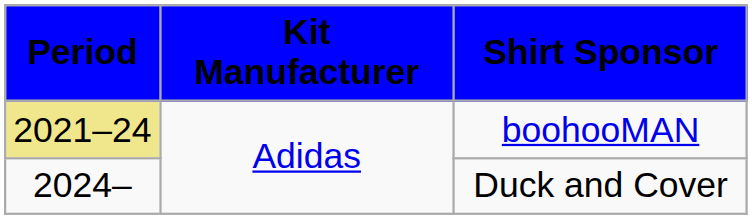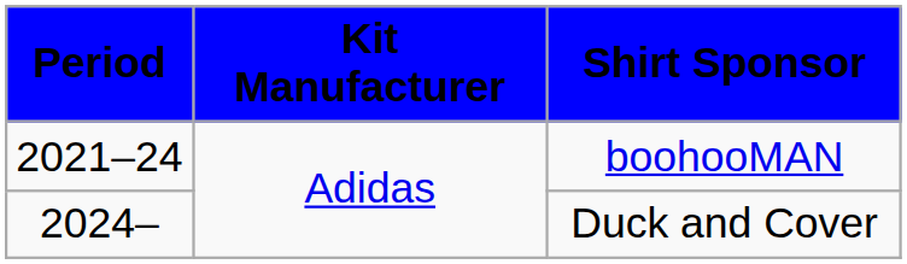 <table class="wikitable" style="text-align: center">
 <tr>
 <th style="background:#0000ff; width:px;"><span>Period</span></th>
 <th style="background:#0000ff; width:125px;"><span>Kit Manufacturer</span></th>
 <th style="background:#0000ff; width:125px;"><span>Shirt Sponsor</span></th>
 </tr>
 <tr>
-<td style="background: khaki;">2021–24</td>
+<td>2021–24</td>
 <td rowspan=2><a href='#'>Adidas</a></td>
 <td><a href='#'>boohooMAN</a></td>
 </tr>
 <tr>
 <td>2024–</td>
 <td>Duck and Cover</td>
 </tr>
 </table>
